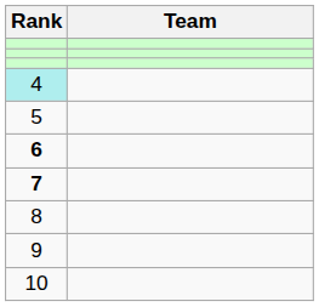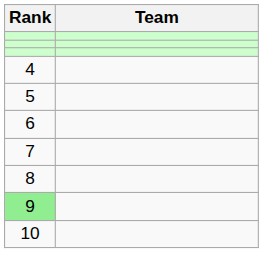 <table class="wikitable" style="text-align: center;">
 <tr>
 <th width=40>Rank</th>
 <th width=180>Team</th>
 </tr>
 <tr bgcolor=#CCFFCC>
 <td></td>
 <td style="text-align:left;"></td>
 </tr>
 <tr bgcolor=#CCFFCC>
 <td></td>
 <td style="text-align:left;"></td>
 </tr>
 <tr bgcolor=#CCFFCC>
 <td></td>
 <td style="text-align:left;"></td>
 </tr>
 <tr align=center>
-<td style="background: paleturquoise;">4</td>
+<td>4</td>
 <td style="text-align:left;"></td>
 </tr>
 <tr align=center>
 <td>5</td>
 <td style="text-align:left;"></td>
 </tr>
 <tr align=center>
-<td><strong>6</strong></td>
+<td>6</td>
 <td style="text-align:left;"></td>
 </tr>
 <tr align=center>
-<td><strong>7</strong></td>
+<td>7</td>
 <td style="text-align:left;"></td>
 </tr>
 <tr align=center>
 <td>8</td>
 <td style="text-align:left;"></td>
 </tr>
 <tr align=center>
-<td>9</td>
+<td style="background: lightgreen;">9</td>
 <td style="text-align:left;"></td>
 </tr>
 <tr align=center>
 <td>10</td>
 <td style="text-align:left;"></td>
 </tr>
 </table>
